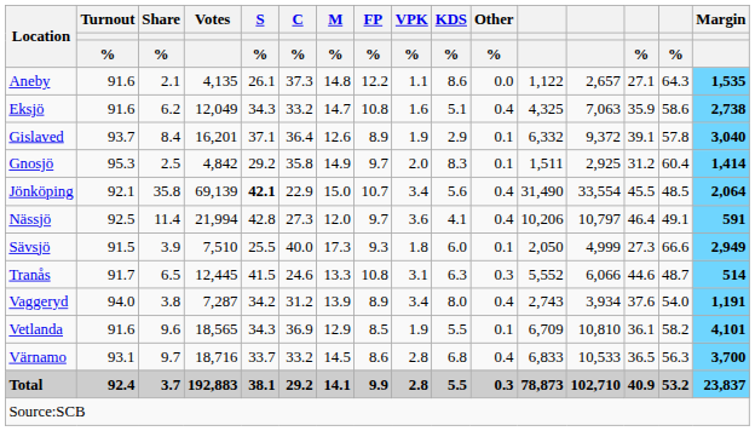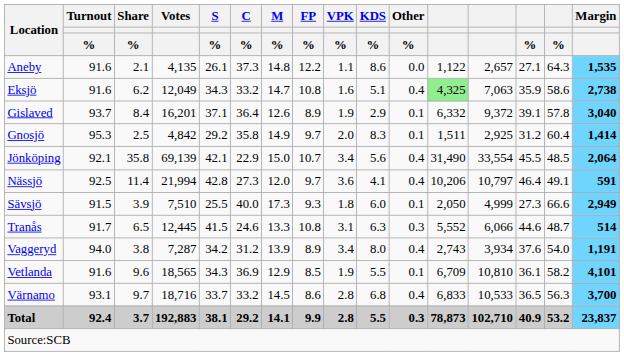 <table class="wikitable sortable" style="text-align:right; font-size:95%; line-height:20px;">
 <tr>
 <th rowspan="3">Location</th>
 <th>Turnout</th>
 <th>Share</th>
 <th>Votes</th>
 <th width="30px" class="unsortable"><a href='#'>S</a></th>
 <th width="30px" class="unsortable"><a href='#'>C</a></th>
 <th width="30px" class="unsortable"><a href='#'>M</a></th>
 <th width="30px" class="unsortable"><a href='#'>FP</a></th>
 <th width="30px" class="unsortable"><a href='#'>VPK</a></th>
 <th width="30px" class="unsortable"><a href='#'>KDS</a></th>
 <th width="30px" class="unsortable">Other</th>
 <th></th>
 <th></th>
 <th></th>
 <th></th>
 <th>Margin</th>
 </tr>
 <tr>
 <th></th>
 <th></th>
 <th></th>
 <th style="background:"></th>
 <th style="background:"></th>
 <th style="background:"></th>
 <th style="background:"></th>
 <th style="background:"></th>
 <th style="background:"></th>
 <th style="background:"></th>
 <th style="background:"></th>
 <th style="background:"></th>
 <th style="background:"></th>
 <th style="background:"></th>
 <th></th>
 </tr>
 <tr>
 <th data-sort-type="number">%</th>
 <th data-sort-type="number">%</th>
 <th></th>
 <th data-sort-type="number">%</th>
 <th data-sort-type="number">%</th>
 <th data-sort-type="number">%</th>
 <th data-sort-type="number">%</th>
 <th data-sort-type="number">%</th>
 <th data-sort-type="number">%</th>
 <th data-sort-type="number">%</th>
 <th data-sort-type="number"></th>
 <th data-sort-type="number"></th>
 <th data-sort-type="number">%</th>
 <th data-sort-type="number">%</th>
 <th data-sort-type="number"></th>
 </tr>
 <tr>
 <td align=left><a href='#'>Aneby</a></td>
 <td>91.6</td>
 <td>2.1</td>
 <td>4,135</td>
 <td>26.1</td>
 <td>37.3</td>
 <td>14.8</td>
 <td>12.2</td>
 <td>1.1</td>
 <td>8.6</td>
 <td>0.0</td>
 <td>1,122</td>
 <td>2,657</td>
 <td>27.1</td>
 <td>64.3</td>
 <td bgcolor=#6fd5fe><strong>1,535</strong></td>
 </tr>
 <tr>
 <td align=left><a href='#'>Eksjö</a></td>
 <td>91.6</td>
 <td>6.2</td>
 <td>12,049</td>
 <td>34.3</td>
 <td>33.2</td>
 <td>14.7</td>
 <td>10.8</td>
 <td>1.6</td>
 <td>5.1</td>
 <td>0.4</td>
-<td>4,325</td>
+<td style="background: lightgreen;">4,325</td>
 <td>7,063</td>
 <td>35.9</td>
 <td>58.6</td>
 <td bgcolor=#6fd5fe><strong>2,738</strong></td>
 </tr>
 <tr>
 <td align=left><a href='#'>Gislaved</a></td>
 <td>93.7</td>
 <td>8.4</td>
 <td>16,201</td>
 <td>37.1</td>
 <td>36.4</td>
 <td>12.6</td>
 <td>8.9</td>
 <td>1.9</td>
 <td>2.9</td>
 <td>0.1</td>
 <td>6,332</td>
 <td>9,372</td>
 <td>39.1</td>
 <td>57.8</td>
 <td bgcolor=#6fd5fe><strong>3,040</strong></td>
 </tr>
 <tr>
 <td align=left><a href='#'>Gnosjö</a></td>
 <td>95.3</td>
 <td>2.5</td>
 <td>4,842</td>
 <td>29.2</td>
 <td>35.8</td>
 <td>14.9</td>
 <td>9.7</td>
 <td>2.0</td>
 <td>8.3</td>
 <td>0.1</td>
 <td>1,511</td>
 <td>2,925</td>
 <td>31.2</td>
 <td>60.4</td>
 <td bgcolor=#6fd5fe><strong>1,414</strong></td>
 </tr>
 <tr>
 <td align=left><a href='#'>Jönköping</a></td>
 <td>92.1</td>
 <td>35.8</td>
 <td>69,139</td>
-<td><strong>42.1</strong></td>
+<td>42.1</td>
 <td>22.9</td>
 <td>15.0</td>
 <td>10.7</td>
 <td>3.4</td>
 <td>5.6</td>
 <td>0.4</td>
 <td>31,490</td>
 <td>33,554</td>
 <td>45.5</td>
 <td>48.5</td>
 <td bgcolor=#6fd5fe><strong>2,064</strong></td>
 </tr>
 <tr>
 <td align=left><a href='#'>Nässjö</a></td>
 <td>92.5</td>
 <td>11.4</td>
 <td>21,994</td>
 <td>42.8</td>
 <td>27.3</td>
 <td>12.0</td>
 <td>9.7</td>
 <td>3.6</td>
 <td>4.1</td>
 <td>0.4</td>
 <td>10,206</td>
 <td>10,797</td>
 <td>46.4</td>
 <td>49.1</td>
 <td bgcolor=#6fd5fe><strong>591</strong></td>
 </tr>
 <tr>
 <td align=left><a href='#'>Sävsjö</a></td>
 <td>91.5</td>
 <td>3.9</td>
 <td>7,510</td>
 <td>25.5</td>
 <td>40.0</td>
 <td>17.3</td>
 <td>9.3</td>
 <td>1.8</td>
 <td>6.0</td>
 <td>0.1</td>
 <td>2,050</td>
 <td>4,999</td>
 <td>27.3</td>
 <td>66.6</td>
 <td bgcolor=#6fd5fe><strong>2,949</strong></td>
 </tr>
 <tr>
 <td align=left><a href='#'>Tranås</a></td>
 <td>91.7</td>
 <td>6.5</td>
 <td>12,445</td>
 <td>41.5</td>
 <td>24.6</td>
 <td>13.3</td>
 <td>10.8</td>
 <td>3.1</td>
 <td>6.3</td>
 <td>0.3</td>
 <td>5,552</td>
 <td>6,066</td>
 <td>44.6</td>
 <td>48.7</td>
 <td bgcolor=#6fd5fe><strong>514</strong></td>
 </tr>
 <tr>
 <td align=left><a href='#'>Vaggeryd</a></td>
 <td>94.0</td>
 <td>3.8</td>
 <td>7,287</td>
 <td>34.2</td>
 <td>31.2</td>
 <td>13.9</td>
 <td>8.9</td>
 <td>3.4</td>
 <td>8.0</td>
 <td>0.4</td>
 <td>2,743</td>
 <td>3,934</td>
 <td>37.6</td>
 <td>54.0</td>
 <td bgcolor=#6fd5fe><strong>1,191</strong></td>
 </tr>
 <tr>
 <td align=left><a href='#'>Vetlanda</a></td>
 <td>91.6</td>
 <td>9.6</td>
 <td>18,565</td>
 <td>34.3</td>
 <td>36.9</td>
 <td>12.9</td>
 <td>8.5</td>
 <td>1.9</td>
 <td>5.5</td>
 <td>0.1</td>
 <td>6,709</td>
 <td>10,810</td>
 <td>36.1</td>
 <td>58.2</td>
 <td bgcolor=#6fd5fe><strong>4,101</strong></td>
 </tr>
 <tr>
 <td align=left><a href='#'>Värnamo</a></td>
 <td>93.1</td>
 <td>9.7</td>
 <td>18,716</td>
 <td>33.7</td>
 <td>33.2</td>
 <td>14.5</td>
 <td>8.6</td>
 <td>2.8</td>
 <td>6.8</td>
 <td>0.4</td>
 <td>6,833</td>
 <td>10,533</td>
 <td>36.5</td>
 <td>56.3</td>
 <td bgcolor=#6fd5fe><strong>3,700</strong></td>
 </tr>
 <tr style="background:#CDCDCD;">
 <td align=left><strong>Total</strong></td>
 <td><strong>92.4</strong></td>
 <td><strong>3.7</strong></td>
 <td><strong>192,883</strong></td>
 <td><strong>38.1</strong></td>
 <td><strong>29.2</strong></td>
 <td><strong>14.1</strong></td>
 <td><strong>9.9</strong></td>
 <td><strong>2.8</strong></td>
 <td><strong>5.5</strong></td>
 <td><strong>0.3</strong></td>
 <td><strong>78,873</strong></td>
 <td><strong>102,710</strong></td>
 <td><strong>40.9</strong></td>
 <td><strong>53.2</strong></td>
 <td bgcolor=#6fd5fe><strong>23,837</strong></td>
 </tr>
 <tr>
 <td align=left colspan=16>Source:SCB </td>
 </tr>
 </table>
